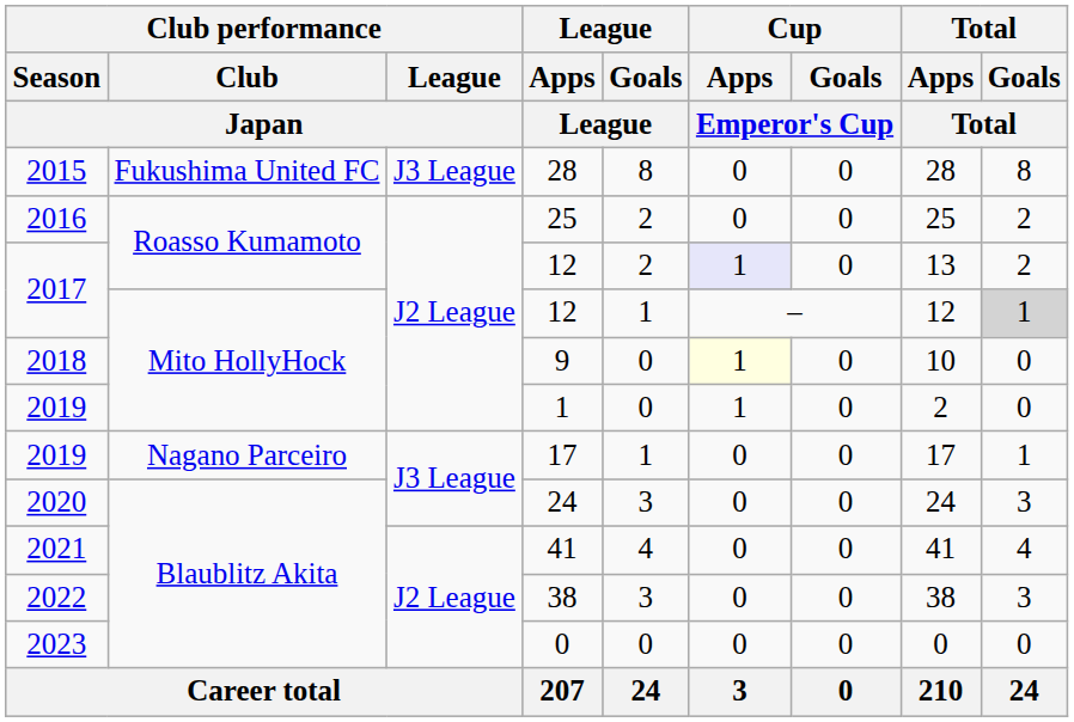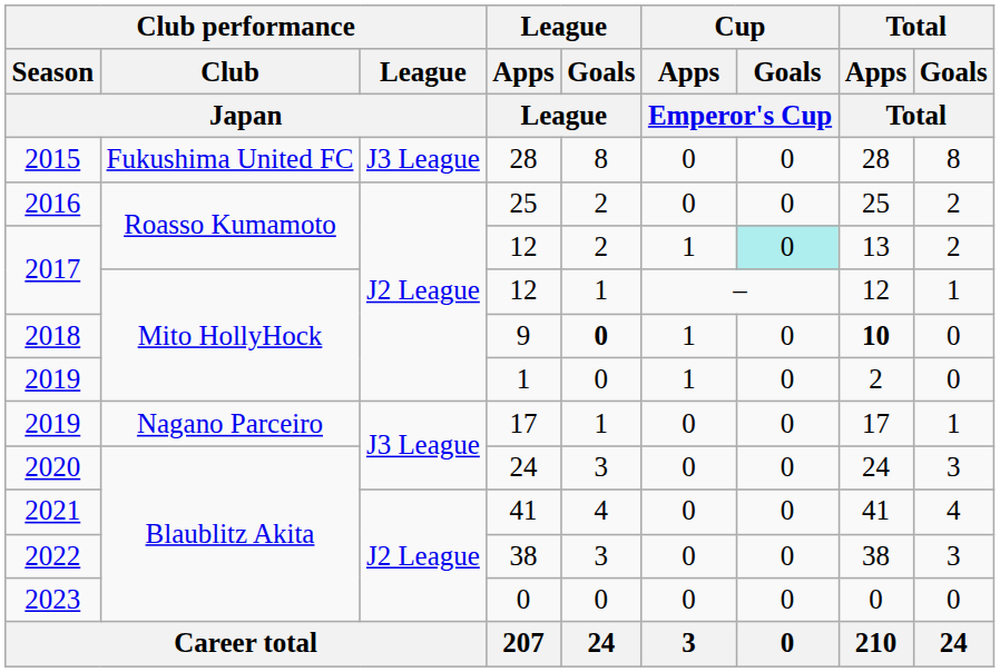 <table class="wikitable" style="text-align:center">
 <tr>
 <th colspan=3>Club performance</th>
 <th colspan=2>League</th>
 <th colspan=2>Cup</th>
 <th colspan=2>Total</th>
 </tr>
 <tr>
 <th>Season</th>
 <th>Club</th>
 <th>League</th>
 <th>Apps</th>
 <th>Goals</th>
 <th>Apps</th>
 <th>Goals</th>
 <th>Apps</th>
 <th>Goals</th>
 </tr>
 <tr>
 <th colspan=3>Japan</th>
 <th colspan=2>League</th>
 <th colspan=2><a href='#'>Emperor's Cup</a></th>
 <th colspan=2>Total</th>
 </tr>
 <tr>
 <td><a href='#'>2015</a></td>
 <td rowspan="1"><a href='#'>Fukushima United FC</a></td>
 <td rowspan="1"><a href='#'>J3 League</a></td>
 <td>28</td>
 <td>8</td>
 <td>0</td>
 <td>0</td>
 <td>28</td>
 <td>8</td>
 </tr>
 <tr>
 <td><a href='#'>2016</a></td>
 <td rowspan="2"><a href='#'>Roasso Kumamoto</a></td>
 <td rowspan="5"><a href='#'>J2 League</a></td>
 <td>25</td>
 <td>2</td>
 <td>0</td>
 <td>0</td>
 <td>25</td>
 <td>2</td>
 </tr>
 <tr>
 <td rowspan="2"><a href='#'>2017</a></td>
 <td>12</td>
 <td>2</td>
-<td style="background: lavender;">1</td>
-<td>0</td>
+<td>1</td>
+<td style="background: paleturquoise;">0</td>
 <td>13</td>
 <td>2</td>
 </tr>
 <tr>
 <td rowspan="3"><a href='#'>Mito HollyHock</a></td>
 <td>12</td>
 <td>1</td>
 <td colspan="2">–</td>
 <td>12</td>
-<td style="background: lightgrey;">1</td>
+<td>1</td>
 </tr>
 <tr>
 <td><a href='#'>2018</a></td>
 <td>9</td>
+<td><strong>0</strong></td>
+<td>1</td>
 <td>0</td>
-<td style="background: lightyellow;">1</td>
-<td>0</td>
-<td>10</td>
+<td><strong>10</strong></td>
 <td>0</td>
 </tr>
 <tr>
 <td><a href='#'>2019</a></td>
 <td>1</td>
 <td>0</td>
 <td>1</td>
 <td>0</td>
 <td>2</td>
 <td>0</td>
 </tr>
 <tr>
 <td><a href='#'>2019</a></td>
 <td><a href='#'>Nagano Parceiro</a></td>
 <td rowspan="2"><a href='#'>J3 League</a></td>
 <td>17</td>
 <td>1</td>
 <td>0</td>
 <td>0</td>
 <td>17</td>
 <td>1</td>
 </tr>
 <tr>
 <td><a href='#'>2020</a></td>
 <td rowspan="4"><a href='#'>Blaublitz Akita</a></td>
 <td>24</td>
 <td>3</td>
 <td>0</td>
 <td>0</td>
 <td>24</td>
 <td>3</td>
 </tr>
 <tr>
 <td><a href='#'>2021</a></td>
 <td rowspan="3"><a href='#'>J2 League</a></td>
 <td>41</td>
 <td>4</td>
 <td>0</td>
 <td>0</td>
 <td>41</td>
 <td>4</td>
 </tr>
 <tr>
 <td><a href='#'>2022</a></td>
 <td>38</td>
 <td>3</td>
 <td>0</td>
 <td>0</td>
 <td>38</td>
 <td>3</td>
 </tr>
 <tr>
 <td><a href='#'>2023</a></td>
 <td>0</td>
 <td>0</td>
 <td>0</td>
 <td>0</td>
 <td>0</td>
 <td>0</td>
 </tr>
 <tr>
 <th colspan=3>Career total</th>
 <th>207</th>
 <th>24</th>
 <th>3</th>
 <th>0</th>
 <th>210</th>
 <th>24</th>
 </tr>
 </table>
